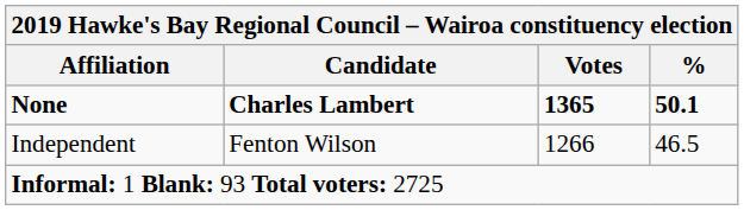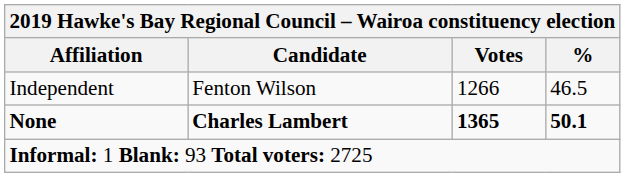 <table class="wikitable">
 <tr>
 <th colspan="4">2019 Hawke's Bay Regional Council – Wairoa constituency election</th>
 </tr>
 <tr>
 <th>Affiliation</th>
 <th>Candidate</th>
 <th>Votes</th>
 <th>%</th>
 </tr>
 <tr>
+<td>Independent</td>
+<td>Fenton Wilson</td>
+<td>1266</td>
+<td>46.5</td>
+</tr>
+<tr>
 <td><strong>None</strong></td>
 <td><strong>Charles Lambert</strong></td>
 <td><strong>1365</strong></td>
 <td><strong>50.1</strong></td>
 </tr>
 <tr>
-<td>Independent</td>
-<td>Fenton Wilson</td>
-<td>1266</td>
-<td>46.5</td>
-</tr>
-<tr>
 <td colspan="4"><strong>Informal:</strong> 1    <strong>Blank:</strong> 93    <strong>Total voters:</strong> 2725</td>
 </tr>
 </table>
